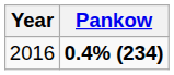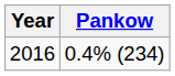 <table class="wikitable">
 <tr>
 <th>Year</th>
 <th><a href='#'>Pankow</a></th>
 </tr>
 <tr>
 <td>2016</td>
-<td><strong>0.4% (234)</strong></td>
+<td>0.4% (234)</td>
 </tr>
 </table>
